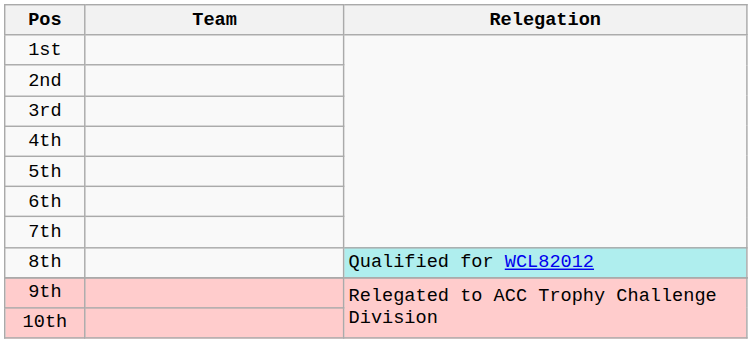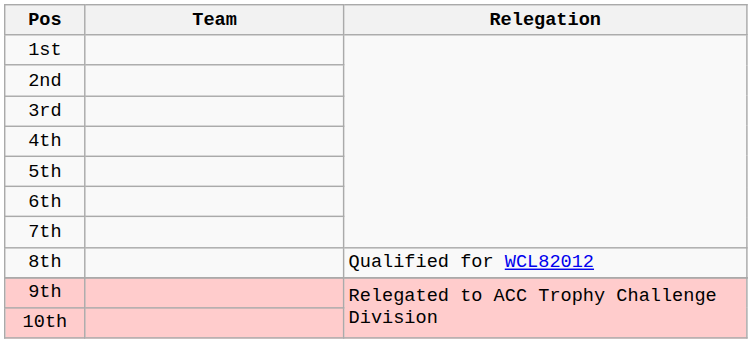 <table class="wikitable">
 <tr>
 <th width=50>Pos</th>
 <th width=175>Team</th>
 <th width=275>Relegation</th>
 </tr>
 <tr>
 <td align="center">1st</td>
 <td></td>
 </tr>
 <tr>
 <td align="center">2nd</td>
 <td></td>
 </tr>
 <tr>
 <td align="center">3rd</td>
 <td></td>
 </tr>
 <tr>
 <td align="center">4th</td>
 <td></td>
 </tr>
 <tr>
 <td align="center">5th</td>
 <td></td>
 </tr>
 <tr>
 <td align="center">6th</td>
 <td></td>
 </tr>
 <tr>
 <td align="center">7th</td>
 <td></td>
 </tr>
 <tr>
 <td align="center">8th</td>
 <td></td>
-<td style="background: paleturquoise;">Qualified for <a href='#'>WCL82012</a></td>
+<td>Qualified for <a href='#'>WCL82012</a></td>
 </tr>
 <tr>
 </tr>
 <tr style="background:#ffcccc">
 <td align="center">9th</td>
 <td></td>
 <td rowspan=2>Relegated to ACC Trophy Challenge Division</td>
 </tr>
 <tr style="background:#ffcccc">
 <td align="center">10th</td>
 <td></td>
 </tr>
 </table>
